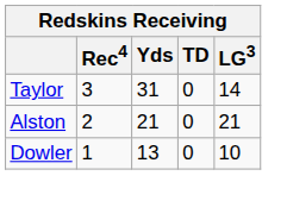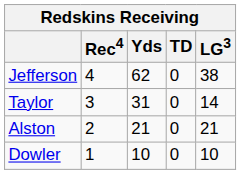 <table class="wikitable">
 <tr>
 <th colspan="5">Redskins Receiving</th>
 </tr>
 <tr>
 <th></th>
 <th>Rec<sup>4</sup></th>
 <th>Yds</th>
 <th>TD</th>
 <th>LG<sup>3</sup></th>
+</tr>
+<tr>
+<td><a href='#'>Jefferson</a></td>
+<td>4</td>
+<td>62</td>
+<td>0</td>
+<td>38</td>
 </tr>
 <tr>
 <td><a href='#'>Taylor</a></td>
 <td>3</td>
 <td>31</td>
 <td>0</td>
 <td>14</td>
 </tr>
 <tr>
 <td><a href='#'>Alston</a></td>
 <td>2</td>
 <td>21</td>
 <td>0</td>
 <td>21</td>
 </tr>
 <tr>
 <td><a href='#'>Dowler</a></td>
 <td>1</td>
-<td>13</td>
+<td>10</td>
 <td>0</td>
 <td>10</td>
 </tr>
 </table>
